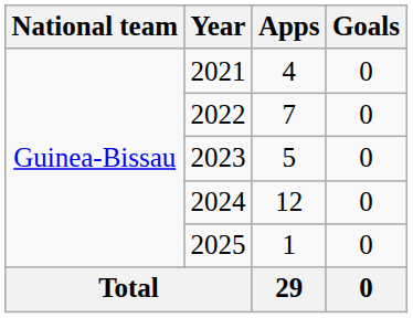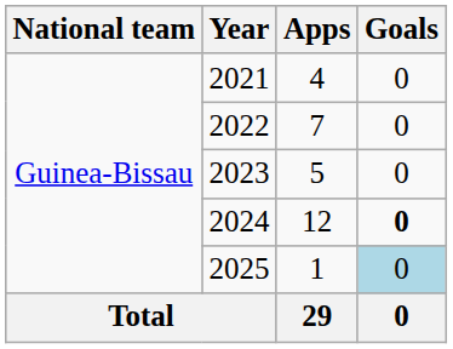 <table class="wikitable" style="text-align:center">
 <tr>
 <th>National team</th>
 <th>Year</th>
 <th>Apps</th>
 <th>Goals</th>
 </tr>
 <tr>
 <td rowspan="5"><a href='#'>Guinea-Bissau</a></td>
 <td>2021</td>
 <td>4</td>
 <td>0</td>
 </tr>
 <tr>
 <td>2022</td>
 <td>7</td>
 <td>0</td>
 </tr>
 <tr>
 <td>2023</td>
 <td>5</td>
 <td>0</td>
 </tr>
 <tr>
 <td>2024</td>
 <td>12</td>
-<td>0</td>
+<td><strong>0</strong></td>
 </tr>
 <tr>
 <td>2025</td>
 <td>1</td>
-<td>0</td>
+<td style="background: lightblue;">0</td>
 </tr>
 <tr>
 <th colspan="2">Total</th>
 <th>29</th>
 <th>0</th>
 </tr>
 </table>
